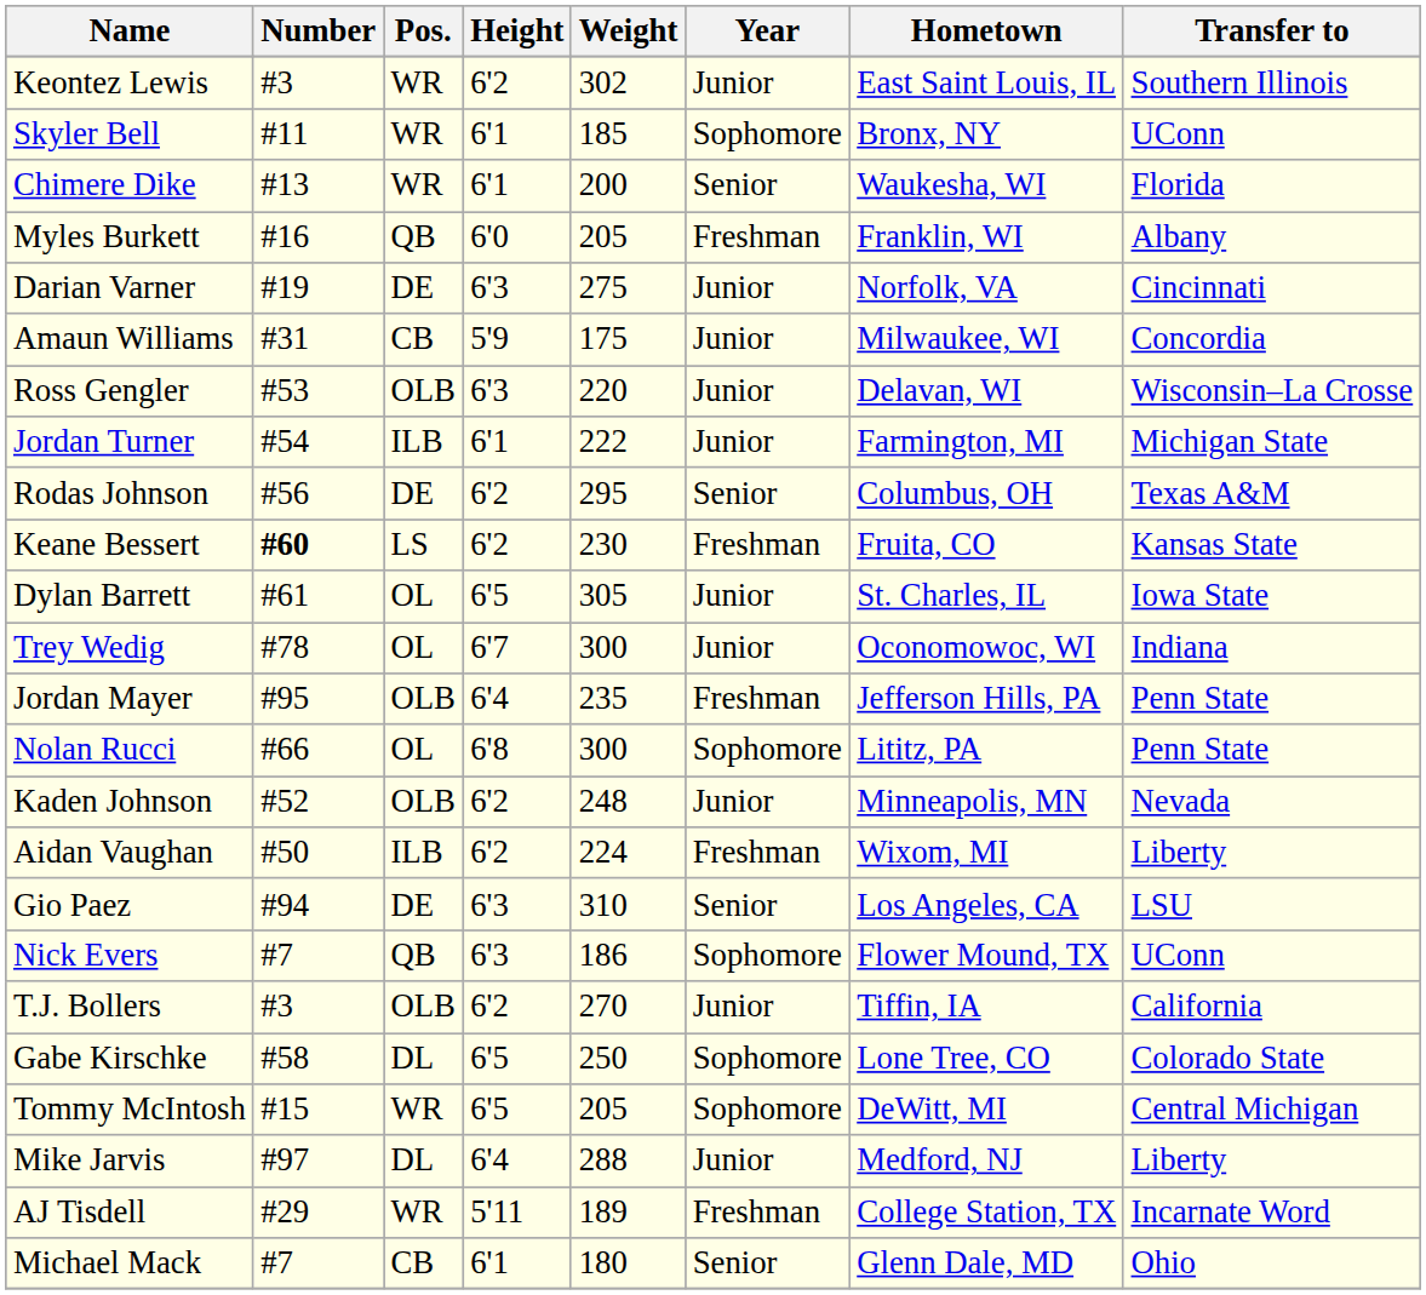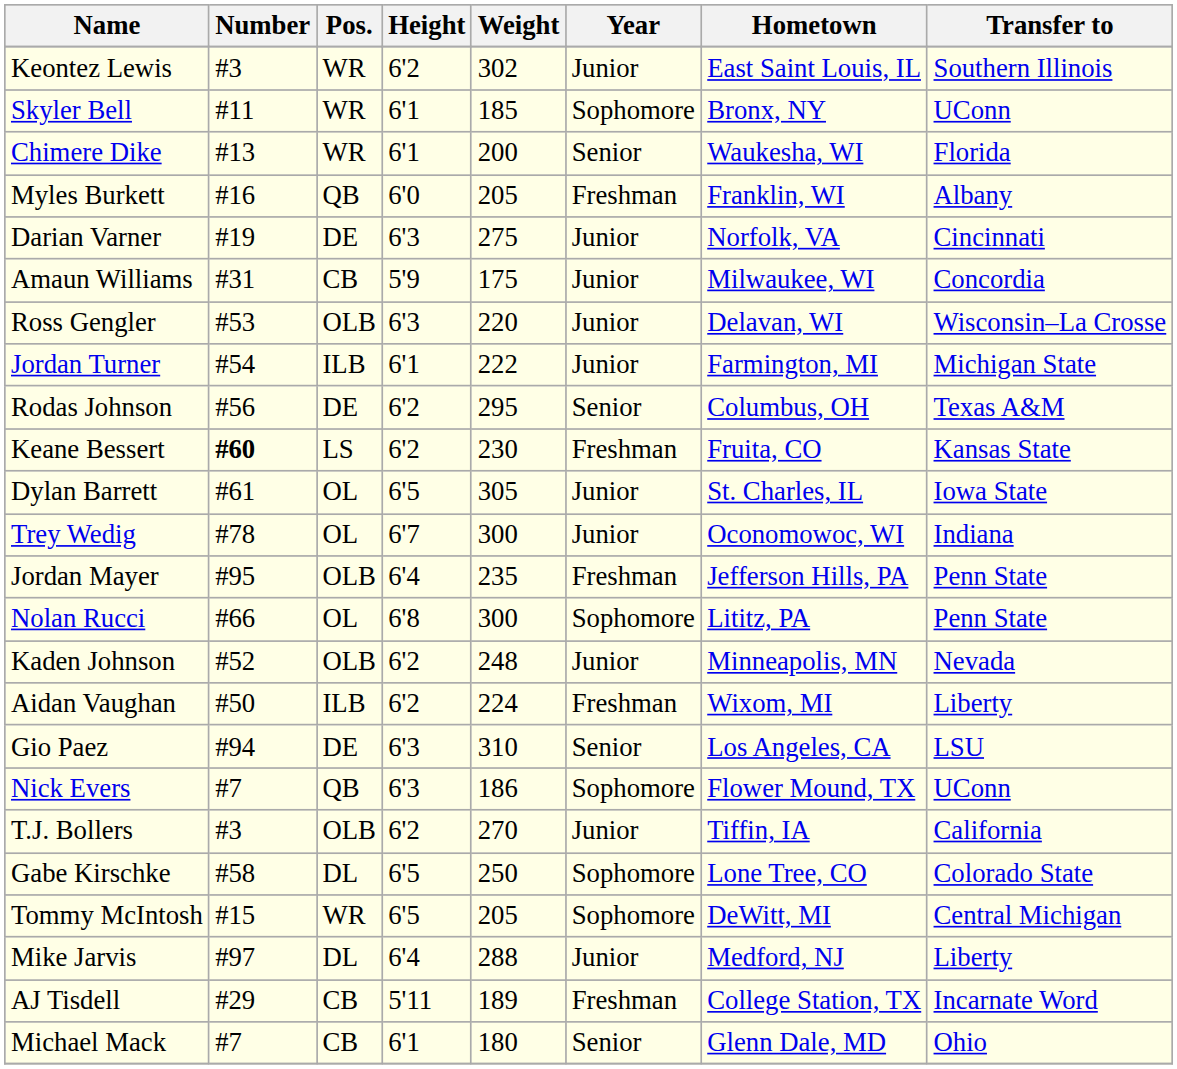 <table class="wikitable sortable">
 <tr align=center>
 <th>Name</th>
 <th>Number</th>
 <th>Pos.</th>
 <th>Height</th>
 <th>Weight</th>
 <th>Year</th>
 <th>Hometown</th>
 <th>Transfer to</th>
 </tr>
 <tr>
 </tr>
 <tr style="background:#FFFFE6;">
 <td>Keontez Lewis</td>
 <td>#3</td>
 <td>WR</td>
 <td>6'2</td>
 <td>302</td>
 <td>Junior</td>
 <td><a href='#'>East Saint Louis, IL</a></td>
 <td><a href='#'>Southern Illinois</a></td>
 </tr>
 <tr style="background:#FFFFE6;">
 <td><a href='#'>Skyler Bell</a></td>
 <td>#11</td>
 <td>WR</td>
 <td>6'1</td>
 <td>185</td>
 <td>Sophomore </td>
 <td><a href='#'>Bronx, NY</a></td>
 <td><a href='#'>UConn</a></td>
 </tr>
 <tr style="background:#FFFFE6;">
 <td><a href='#'>Chimere Dike</a></td>
 <td>#13</td>
 <td>WR</td>
 <td>6'1</td>
 <td>200</td>
 <td>Senior</td>
 <td><a href='#'>Waukesha, WI</a></td>
 <td><a href='#'>Florida</a></td>
 </tr>
 <tr style="background:#FFFFE6;">
 <td>Myles Burkett</td>
 <td>#16</td>
 <td>QB</td>
 <td>6'0</td>
 <td>205</td>
 <td>Freshman </td>
 <td><a href='#'>Franklin, WI</a></td>
 <td><a href='#'>Albany</a></td>
 </tr>
 <tr style="background:#FFFFE6;">
 <td>Darian Varner</td>
 <td>#19</td>
 <td>DE</td>
 <td>6'3</td>
 <td>275</td>
 <td>Junior</td>
 <td><a href='#'>Norfolk, VA</a></td>
 <td><a href='#'>Cincinnati</a></td>
 </tr>
 <tr style="background:#FFFFE6;">
 <td>Amaun Williams</td>
 <td>#31</td>
 <td>CB</td>
 <td>5'9</td>
 <td>175</td>
 <td>Junior </td>
 <td><a href='#'>Milwaukee, WI</a></td>
 <td><a href='#'>Concordia</a></td>
 </tr>
 <tr style="background:#FFFFE6;">
 <td>Ross Gengler</td>
 <td>#53</td>
 <td>OLB</td>
 <td>6'3</td>
 <td>220</td>
 <td>Junior </td>
 <td><a href='#'>Delavan, WI</a></td>
 <td><a href='#'>Wisconsin–La Crosse</a></td>
 </tr>
 <tr style="background:#FFFFE6;">
 <td><a href='#'>Jordan Turner</a></td>
 <td>#54</td>
 <td>ILB</td>
 <td>6'1</td>
 <td>222</td>
 <td>Junior </td>
 <td><a href='#'>Farmington, MI</a></td>
 <td><a href='#'>Michigan State</a></td>
 </tr>
 <tr style="background:#FFFFE6;">
 <td>Rodas Johnson</td>
 <td>#56</td>
 <td>DE</td>
 <td>6'2</td>
 <td>295</td>
 <td>Senior </td>
 <td><a href='#'>Columbus, OH</a></td>
 <td><a href='#'>Texas A&M</a></td>
 </tr>
 <tr style="background:#FFFFE6;">
 <td>Keane Bessert</td>
 <td><strong>#60</strong></td>
 <td>LS</td>
 <td>6'2</td>
 <td>230</td>
 <td>Freshman</td>
 <td><a href='#'>Fruita, CO</a></td>
 <td><a href='#'>Kansas State</a></td>
 </tr>
 <tr style="background:#FFFFE6;">
 <td>Dylan Barrett</td>
 <td>#61</td>
 <td>OL</td>
 <td>6'5</td>
 <td>305</td>
 <td>Junior </td>
 <td><a href='#'>St. Charles, IL</a></td>
 <td><a href='#'>Iowa State</a></td>
 </tr>
 <tr style="background:#FFFFE6;">
 <td><a href='#'>Trey Wedig</a></td>
 <td>#78</td>
 <td>OL</td>
 <td>6'7</td>
 <td>300</td>
 <td>Junior </td>
 <td><a href='#'>Oconomowoc, WI</a></td>
 <td><a href='#'>Indiana</a></td>
 </tr>
 <tr style="background:#FFFFE6;">
 <td>Jordan Mayer</td>
 <td>#95</td>
 <td>OLB</td>
 <td>6'4</td>
 <td>235</td>
 <td>Freshman</td>
 <td><a href='#'>Jefferson Hills, PA</a></td>
 <td><a href='#'>Penn State</a></td>
 </tr>
 <tr style="background:#FFFFE6;">
 <td><a href='#'>Nolan Rucci</a></td>
 <td>#66</td>
 <td>OL</td>
 <td>6'8</td>
 <td>300</td>
 <td>Sophomore </td>
 <td><a href='#'>Lititz, PA</a></td>
 <td><a href='#'>Penn State</a></td>
 </tr>
 <tr style="background:#FFFFE6;">
 <td>Kaden Johnson</td>
 <td>#52</td>
 <td>OLB</td>
 <td>6'2</td>
 <td>248</td>
 <td>Junior </td>
 <td><a href='#'>Minneapolis, MN</a></td>
 <td><a href='#'>Nevada</a></td>
 </tr>
 <tr style="background:#FFFFE6;">
 <td>Aidan Vaughan</td>
 <td>#50</td>
 <td>ILB</td>
 <td>6'2</td>
 <td>224</td>
 <td>Freshman </td>
 <td><a href='#'>Wixom, MI</a></td>
 <td><a href='#'>Liberty</a></td>
 </tr>
 <tr style="background:#FFFFE6;">
 <td>Gio Paez</td>
 <td>#94</td>
 <td>DE</td>
 <td>6'3</td>
 <td>310</td>
 <td>Senior </td>
 <td><a href='#'>Los Angeles, CA</a></td>
 <td><a href='#'>LSU</a></td>
 </tr>
 <tr style="background:#FFFFE6;">
 <td><a href='#'>Nick Evers</a></td>
 <td>#7</td>
 <td>QB</td>
 <td>6'3</td>
 <td>186</td>
 <td>Sophomore </td>
 <td><a href='#'>Flower Mound, TX</a></td>
 <td><a href='#'>UConn</a></td>
 </tr>
 <tr style="background:#FFFFE6;">
 <td>T.J. Bollers</td>
 <td>#3</td>
 <td>OLB</td>
 <td>6'2</td>
 <td>270</td>
 <td>Junior </td>
 <td><a href='#'>Tiffin, IA</a></td>
 <td><a href='#'>California</a></td>
 </tr>
 <tr style="background:#FFFFE6;">
 <td>Gabe Kirschke</td>
 <td>#58</td>
 <td>DL</td>
 <td>6'5</td>
 <td>250</td>
 <td>Sophomore </td>
 <td><a href='#'>Lone Tree, CO</a></td>
 <td><a href='#'>Colorado State</a></td>
 </tr>
 <tr style="background:#FFFFE6;">
 <td>Tommy McIntosh</td>
 <td>#15</td>
 <td>WR</td>
 <td>6'5</td>
 <td>205</td>
 <td>Sophomore </td>
 <td><a href='#'>DeWitt, MI</a></td>
 <td><a href='#'>Central Michigan</a></td>
 </tr>
 <tr style="background:#FFFFE6;">
 <td>Mike Jarvis</td>
 <td>#97</td>
 <td>DL</td>
 <td>6'4</td>
 <td>288</td>
 <td>Junior </td>
 <td><a href='#'>Medford, NJ</a></td>
 <td><a href='#'>Liberty</a></td>
 </tr>
 <tr style="background:#FFFFE6;">
 <td>AJ Tisdell</td>
 <td>#29</td>
-<td>WR</td>
+<td>CB</td>
 <td>5'11</td>
 <td>189</td>
 <td>Freshman </td>
 <td><a href='#'>College Station, TX</a></td>
 <td><a href='#'>Incarnate Word</a></td>
 </tr>
 <tr style="background:#FFFFE6;">
 <td>Michael Mack</td>
 <td>#7</td>
 <td>CB</td>
 <td>6'1</td>
 <td>180</td>
 <td>Senior </td>
 <td><a href='#'>Glenn Dale, MD</a></td>
 <td><a href='#'>Ohio</a></td>
 </tr>
 <tr>
 </tr>
 </table>
